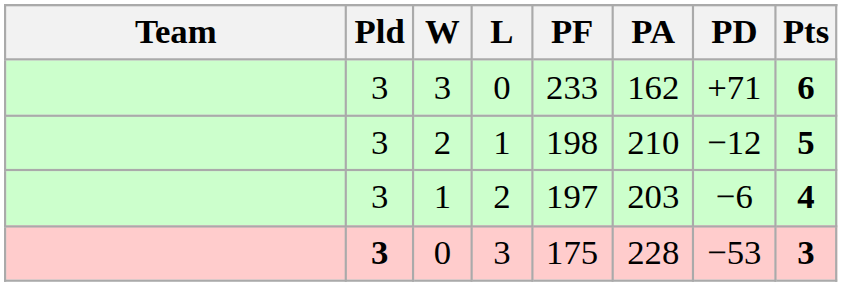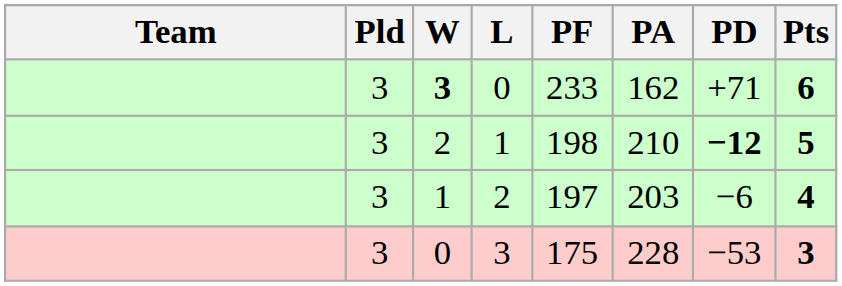 <table class=wikitable>
 <tr align=center>
 </tr>
 <tr>
 <th width=150>Team</th>
 <th width=20>Pld</th>
 <th width=20>W</th>
 <th width=20>L</th>
 <th width=30>PF</th>
 <th width=30>PA</th>
 <th width=30>PD</th>
 <th width=20>Pts</th>
 </tr>
 <tr align=center bgcolor=#ccffcc>
 <td align=left></td>
 <td>3</td>
-<td>3</td>
+<td><strong>3</strong></td>
 <td>0</td>
 <td>233</td>
 <td>162</td>
 <td>+71</td>
 <td><strong>6</strong></td>
 </tr>
 <tr align=center bgcolor=#ccffcc>
 <td align=left></td>
 <td>3</td>
 <td>2</td>
 <td>1</td>
 <td>198</td>
 <td>210</td>
-<td>−12</td>
+<td><strong>−12</strong></td>
 <td><strong>5</strong></td>
 </tr>
 <tr align=center bgcolor=#ccffcc>
 <td align=left></td>
 <td>3</td>
 <td>1</td>
 <td>2</td>
 <td>197</td>
 <td>203</td>
 <td>−6</td>
 <td><strong>4</strong></td>
 </tr>
 <tr align=center bgcolor=#ffcccc>
 <td align=left></td>
-<td><strong>3</strong></td>
+<td>3</td>
 <td>0</td>
 <td>3</td>
 <td>175</td>
 <td>228</td>
 <td>−53</td>
 <td><strong>3</strong></td>
 </tr>
 </table>
